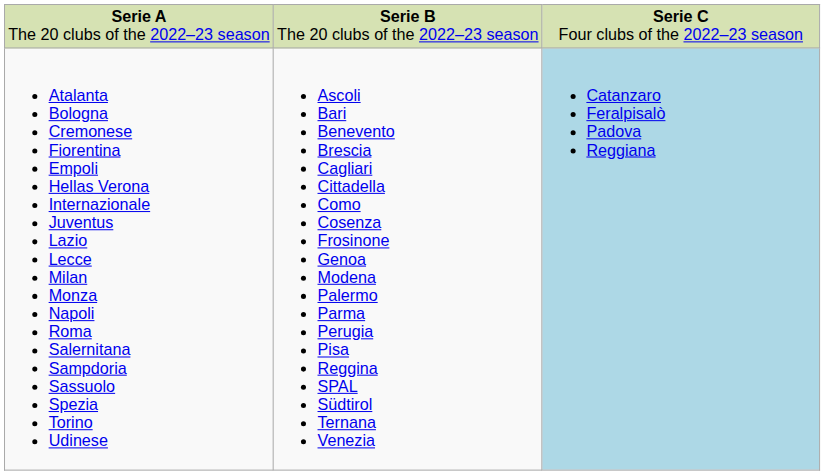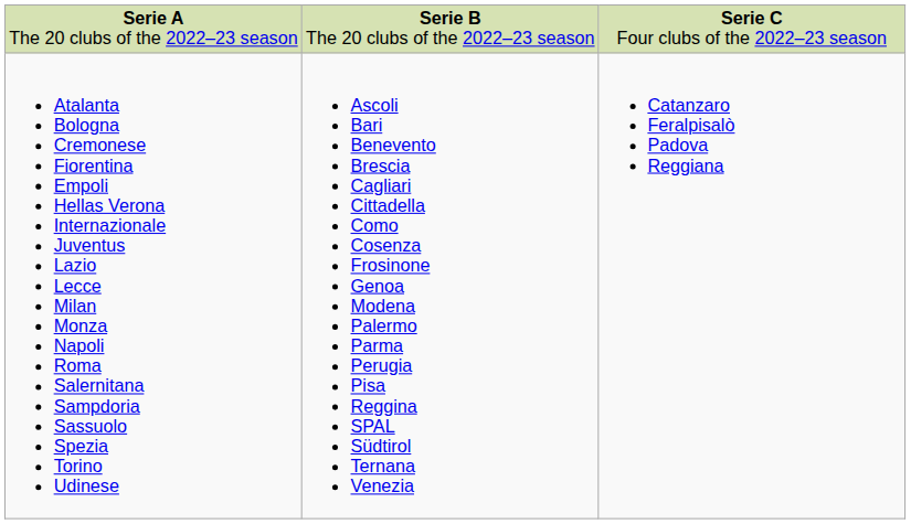 <table class="wikitable">
 <tr style="background:#D6E2B3; text-align:center; vertical-align:top;">
 <td style="width:33%"><strong>Serie A</strong><br>The 20 clubs of the <a href='#'>2022–23 season</a></td>
 <td style="width:33%"><strong>Serie B</strong><br>The 20 clubs of the <a href='#'>2022–23 season</a></td>
 <td style="width:34%"><strong>Serie C</strong><br>Four clubs of the <a href='#'>2022–23 season</a></td>
 </tr>
 <tr style="vertical-align:top">
 <td><br><ul><li><a href='#'>Atalanta</a></li><li><a href='#'>Bologna</a></li><li><a href='#'>Cremonese</a></li><li><a href='#'>Fiorentina</a></li><li><a href='#'>Empoli</a></li><li><a href='#'>Hellas Verona</a></li><li><a href='#'>Internazionale</a></li><li><a href='#'>Juventus</a></li><li><a href='#'>Lazio</a></li><li><a href='#'>Lecce</a></li><li><a href='#'>Milan</a></li><li><a href='#'>Monza</a></li><li><a href='#'>Napoli</a></li><li><a href='#'>Roma</a></li><li><a href='#'>Salernitana</a></li><li><a href='#'>Sampdoria</a></li><li><a href='#'>Sassuolo</a></li><li><a href='#'>Spezia</a></li><li><a href='#'>Torino</a></li><li><a href='#'>Udinese</a></li></ul></td>
 <td><br><ul><li><a href='#'>Ascoli</a></li><li><a href='#'>Bari</a></li><li><a href='#'>Benevento</a></li><li><a href='#'>Brescia</a></li><li><a href='#'>Cagliari</a></li><li><a href='#'>Cittadella</a></li><li><a href='#'>Como</a></li><li><a href='#'>Cosenza</a></li><li><a href='#'>Frosinone</a></li><li><a href='#'>Genoa</a></li><li><a href='#'>Modena</a></li><li><a href='#'>Palermo</a></li><li><a href='#'>Parma</a></li><li><a href='#'>Perugia</a></li><li><a href='#'>Pisa</a></li><li><a href='#'>Reggina</a></li><li><a href='#'>SPAL</a></li><li><a href='#'>Südtirol</a></li><li><a href='#'>Ternana</a></li><li><a href='#'>Venezia</a></li></ul></td>
-<td style="background: lightblue;"><br><ul><li><a href='#'>Catanzaro</a></li><li><a href='#'>Feralpisalò</a></li><li><a href='#'>Padova</a></li><li><a href='#'>Reggiana</a></li></ul></td>
+<td><br><ul><li><a href='#'>Catanzaro</a></li><li><a href='#'>Feralpisalò</a></li><li><a href='#'>Padova</a></li><li><a href='#'>Reggiana</a></li></ul></td>
 </tr>
 </table>
